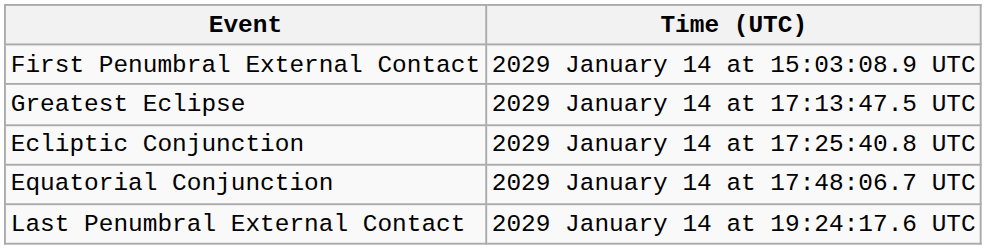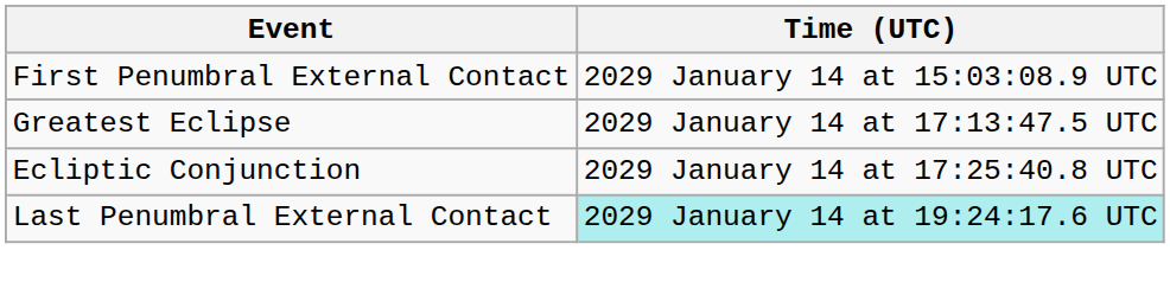 <table class="wikitable">
 <tr>
 <th>Event</th>
 <th>Time (UTC)</th>
 </tr>
 <tr>
 <td>First Penumbral External Contact</td>
 <td>2029 January 14 at 15:03:08.9 UTC</td>
 </tr>
 <tr>
 <td>Greatest Eclipse</td>
 <td>2029 January 14 at 17:13:47.5 UTC</td>
 </tr>
 <tr>
 <td>Ecliptic Conjunction</td>
 <td>2029 January 14 at 17:25:40.8 UTC</td>
 </tr>
 <tr>
-<td>Equatorial Conjunction</td>
-<td>2029 January 14 at 17:48:06.7 UTC</td>
-</tr>
-<tr>
 <td>Last Penumbral External Contact</td>
-<td>2029 January 14 at 19:24:17.6 UTC</td>
+<td style="background: paleturquoise;">2029 January 14 at 19:24:17.6 UTC</td>
 </tr>
 </table>
